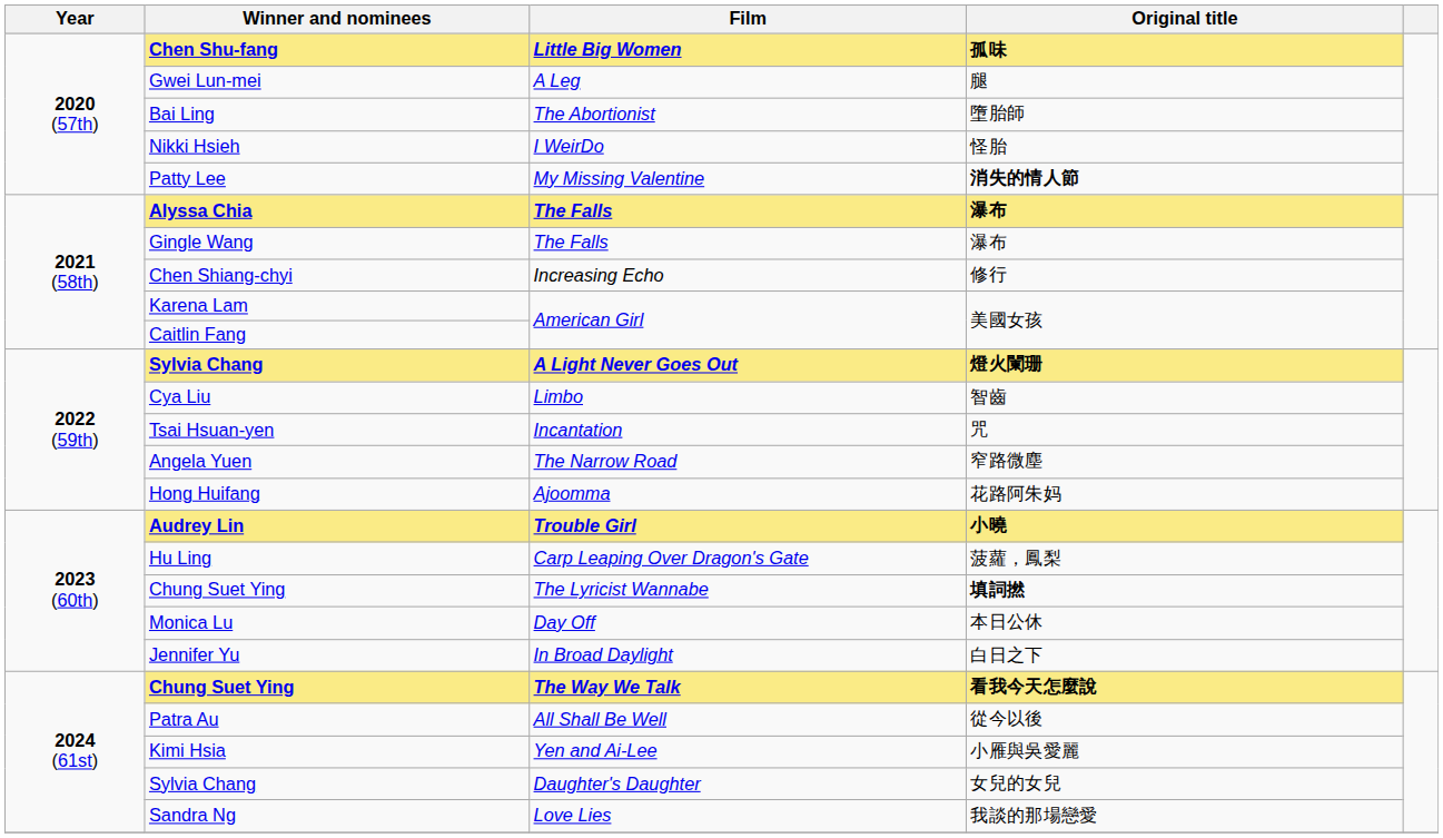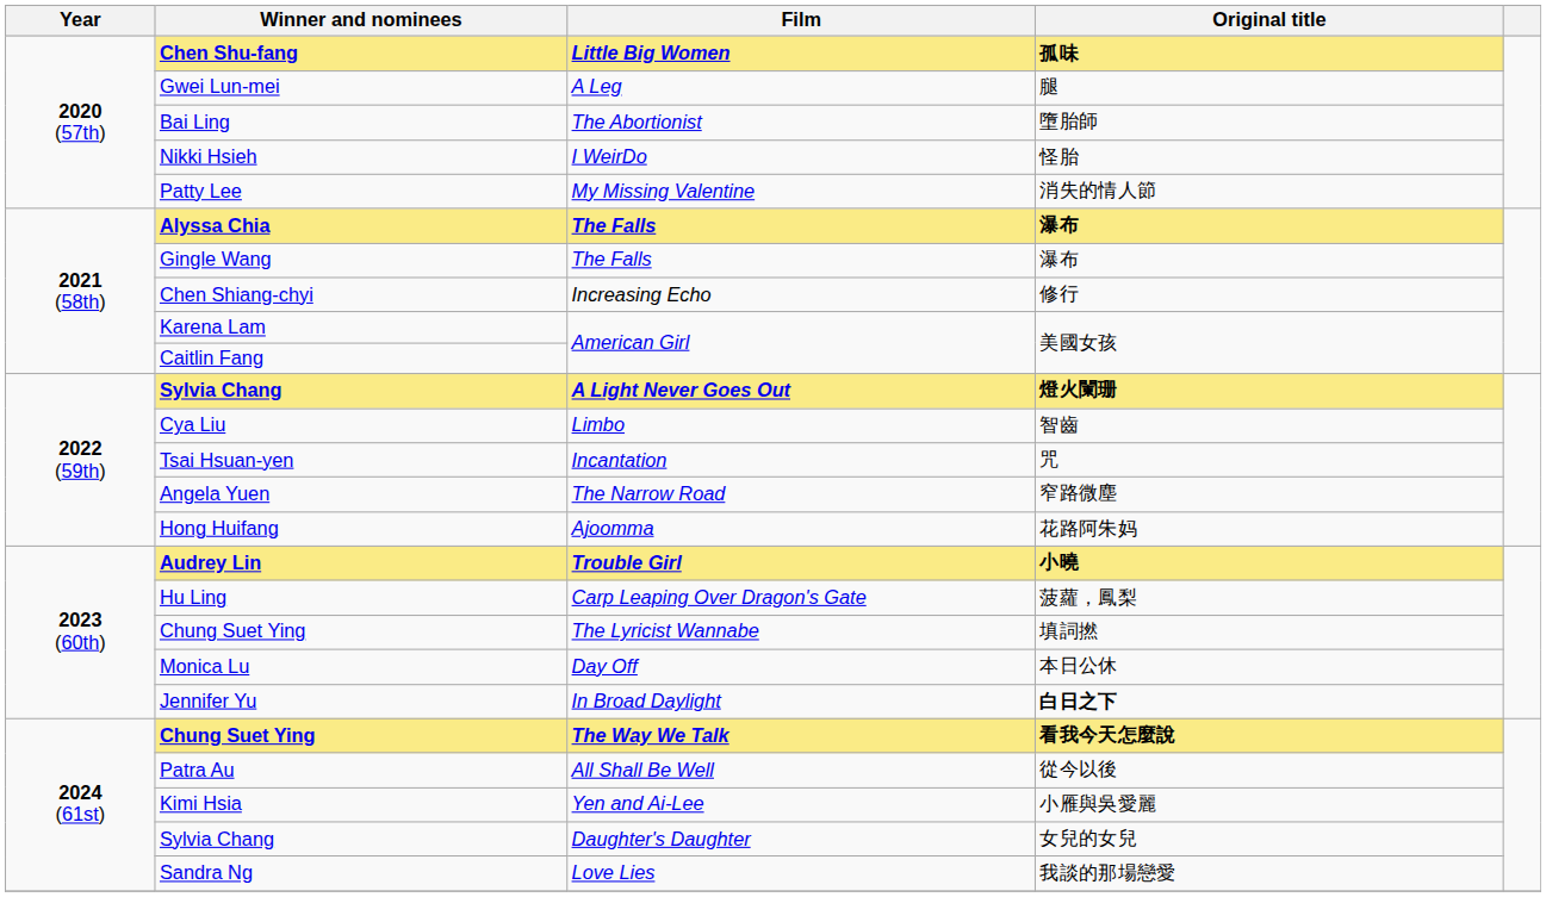 <table class="wikitable" style="width:100%">
 <tr style="background:#bebebe;">
 <th style="width:8%;">Year</th>
 <th style="width:22%;">Winner and nominees</th>
 <th style="width:25%;">Film</th>
 <th style="width:25%;">Original title</th>
 <th style="width:2%;"></th>
 </tr>
 <tr>
 <td rowspan="5" style="text-align:center"><strong>2020</strong><br>(<a href='#'>57th</a>)</td>
 <td style="background:#FAEB86"><strong><a href='#'>Chen Shu-fang</a></strong></td>
 <td style="background:#FAEB86"><strong><em><a href='#'>Little Big Women</a></em></strong></td>
 <td style="background:#FAEB86"><strong>孤味</strong></td>
 <td rowspan=5></td>
 </tr>
 <tr>
 <td><a href='#'>Gwei Lun-mei</a></td>
 <td><em><a href='#'>A Leg</a></em></td>
 <td>腿</td>
 </tr>
 <tr>
 <td><a href='#'>Bai Ling</a></td>
 <td><em><a href='#'>The Abortionist</a></em></td>
 <td>墮胎師</td>
 </tr>
 <tr>
 <td><a href='#'>Nikki Hsieh</a></td>
 <td><em><a href='#'>I WeirDo</a></em></td>
 <td>怪胎</td>
 </tr>
 <tr>
 <td><a href='#'>Patty Lee</a></td>
 <td><em><a href='#'>My Missing Valentine</a></em></td>
-<td><strong>消失的情人節</strong></td>
+<td>消失的情人節</td>
 </tr>
 <tr>
 <td rowspan="5" style="text-align:center"><strong>2021</strong><br>(<a href='#'>58th</a>)</td>
 <td style="background:#FAEB86"><strong><a href='#'>Alyssa Chia</a></strong></td>
 <td style="background:#FAEB86"><strong><em><a href='#'>The Falls</a></em></strong></td>
 <td style="background:#FAEB86"><strong>瀑布</strong></td>
 <td rowspan=5></td>
 </tr>
 <tr>
 <td><a href='#'>Gingle Wang</a></td>
 <td><em><a href='#'>The Falls</a></em></td>
 <td>瀑布</td>
 </tr>
 <tr>
 <td><a href='#'>Chen Shiang-chyi</a></td>
 <td><em>Increasing Echo</em></td>
 <td>修行</td>
 </tr>
 <tr>
 <td><a href='#'>Karena Lam</a></td>
 <td rowspan="2"><em><a href='#'>American Girl</a></em></td>
 <td rowspan="2">美國女孩</td>
 </tr>
 <tr>
 <td><a href='#'>Caitlin Fang</a></td>
 </tr>
 <tr>
 <td rowspan="5" style="text-align:center"><strong>2022</strong><br>(<a href='#'>59th</a>)</td>
 <td style="background:#FAEB86"><strong><a href='#'>Sylvia Chang</a></strong></td>
 <td style="background:#FAEB86"><strong><em><a href='#'>A Light Never Goes Out</a></em></strong></td>
 <td style="background:#FAEB86"><strong>燈火闌珊</strong></td>
 <td rowspan=5></td>
 </tr>
 <tr>
 <td><a href='#'>Cya Liu</a></td>
 <td><em><a href='#'>Limbo</a></em></td>
 <td>智齒</td>
 </tr>
 <tr>
 <td><a href='#'>Tsai Hsuan-yen</a></td>
 <td><em><a href='#'>Incantation</a></em></td>
 <td>咒</td>
 </tr>
 <tr>
 <td><a href='#'>Angela Yuen</a></td>
 <td><em><a href='#'>The Narrow Road</a></em></td>
 <td>窄路微塵</td>
 </tr>
 <tr>
 <td><a href='#'>Hong Huifang</a></td>
 <td><em><a href='#'>Ajoomma</a></em></td>
 <td>花路阿朱妈</td>
 </tr>
 <tr>
 <td rowspan="5" style="text-align:center"><strong>2023</strong><br>(<a href='#'>60th</a>)</td>
 <td style="background:#FAEB86"><strong><a href='#'>Audrey Lin</a></strong></td>
 <td style="background:#FAEB86"><strong><em><a href='#'>Trouble Girl</a></em></strong></td>
 <td style="background:#FAEB86"><strong>小曉</strong></td>
 <td rowspan=5></td>
 </tr>
 <tr>
 <td><a href='#'>Hu Ling</a></td>
 <td><em><a href='#'>Carp Leaping Over Dragon's Gate</a></em></td>
 <td>菠蘿，鳳梨</td>
 </tr>
 <tr>
 <td><a href='#'>Chung Suet Ying</a></td>
 <td><em><a href='#'>The Lyricist Wannabe</a></em></td>
-<td><strong>填詞撚</strong></td>
+<td>填詞撚</td>
 </tr>
 <tr>
 <td><a href='#'>Monica Lu</a></td>
 <td><em><a href='#'>Day Off</a></em></td>
 <td>本日公休</td>
 </tr>
 <tr>
 <td><a href='#'>Jennifer Yu</a></td>
 <td><em><a href='#'>In Broad Daylight</a></em></td>
-<td>白日之下</td>
+<td><strong>白日之下</strong></td>
 </tr>
 <tr>
 <td rowspan="5" style="text-align:center"><strong>2024</strong><br>(<a href='#'>61st</a>)</td>
 <td style="background:#FAEB86"><strong><a href='#'>Chung Suet Ying</a></strong></td>
 <td style="background:#FAEB86"><strong><em><a href='#'>The Way We Talk</a></em></strong></td>
 <td style="background:#FAEB86"><strong>看我今天怎麼說</strong></td>
 <td rowspan=5></td>
 </tr>
 <tr>
 <td><a href='#'>Patra Au</a></td>
 <td><em><a href='#'>All Shall Be Well</a></em></td>
 <td>從今以後</td>
 </tr>
 <tr>
 <td><a href='#'>Kimi Hsia</a></td>
 <td><em><a href='#'>Yen and Ai-Lee</a></em></td>
 <td>小雁與吳愛麗</td>
 </tr>
 <tr>
 <td><a href='#'>Sylvia Chang</a></td>
 <td><em><a href='#'>Daughter's Daughter</a></em></td>
 <td>女兒的女兒</td>
 </tr>
 <tr>
 <td><a href='#'>Sandra Ng</a></td>
 <td><em><a href='#'>Love Lies</a></em></td>
 <td>我談的那場戀愛</td>
 </tr>
 <tr>
 </tr>
 </table>
